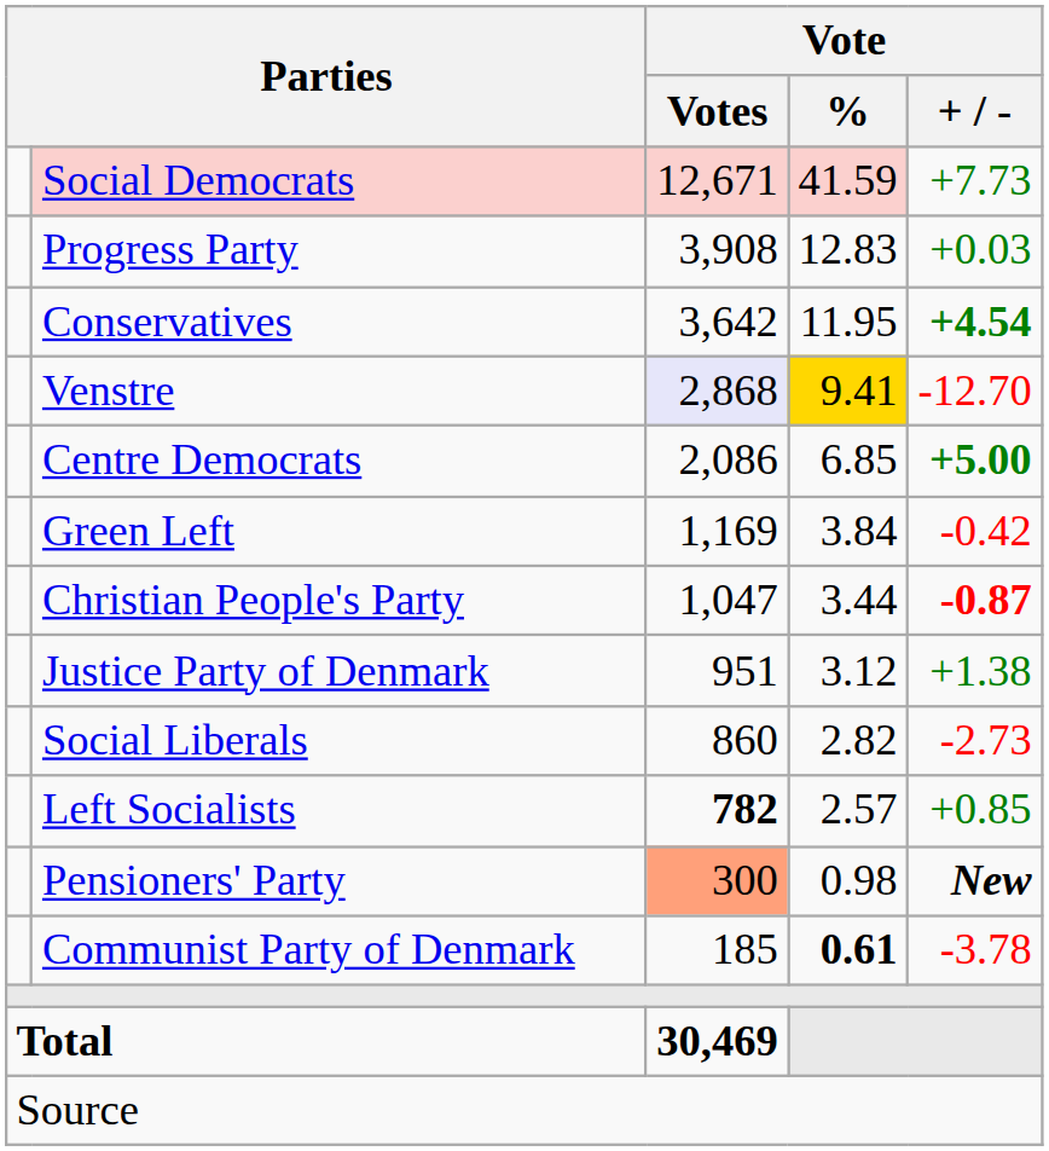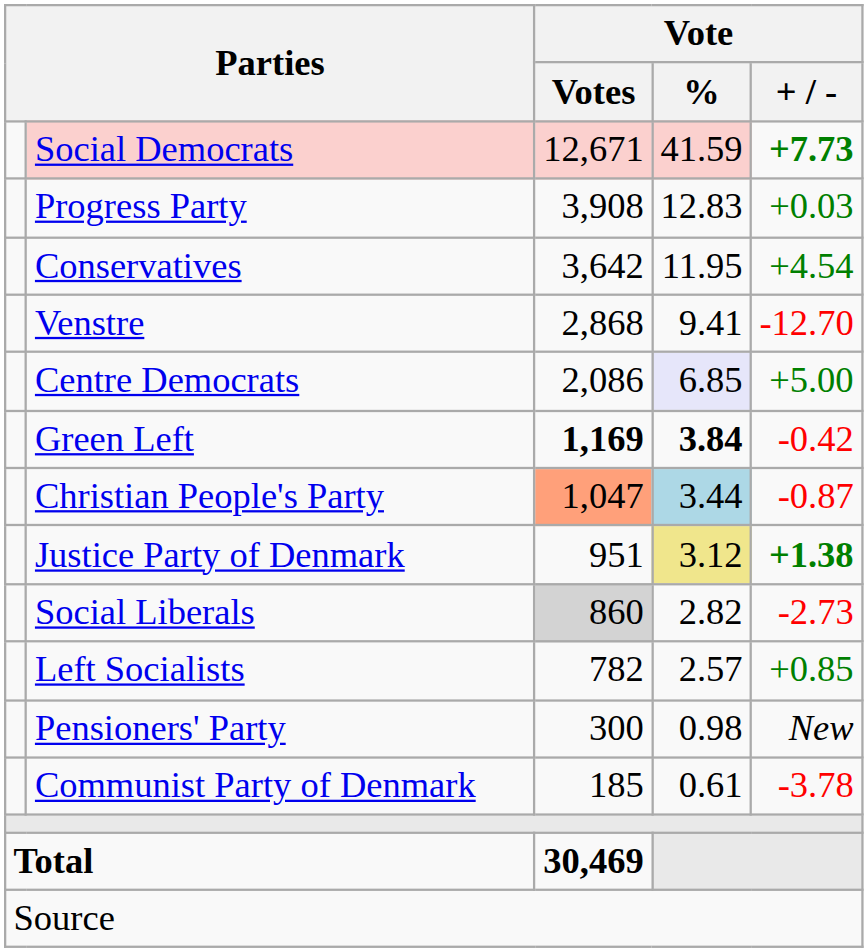 <table class="wikitable" style="text-align:right;">
 <tr>
 <th style="text-align:centre;" rowspan="2" colspan="2" width="225">Parties</th>
 <th colspan="3">Vote</th>
 </tr>
 <tr>
 <th width="15">Votes</th>
 <th width="15">%</th>
 <th width="15">+ / -</th>
 </tr>
 <tr>
 <td width="2" style="color:inherit;background:"></td>
 <td bgcolor=#fbd0ce  align="left"><a href='#'>Social Democrats</a></td>
 <td bgcolor=#fbd0ce>12,671</td>
 <td bgcolor=#fbd0ce>41.59</td>
-<td style=color:green;>+7.73</td>
+<td style=color:green;><strong>+7.73</strong></td>
 </tr>
 <tr>
 <td width="2" style="color:inherit;background:"></td>
 <td align="left"><a href='#'>Progress Party</a></td>
 <td>3,908</td>
 <td>12.83</td>
 <td style=color:green;>+0.03</td>
 </tr>
 <tr>
 <td width="2" style="color:inherit;background:"></td>
 <td align="left"><a href='#'>Conservatives</a></td>
 <td>3,642</td>
 <td>11.95</td>
-<td style=color:green;><strong>+4.54</strong></td>
+<td style=color:green;>+4.54</td>
 </tr>
 <tr>
 <td width="2" style="color:inherit;background:"></td>
 <td align="left"><a href='#'>Venstre</a></td>
-<td style="background: lavender;">2,868</td>
-<td style="background: gold;">9.41</td>
+<td>2,868</td>
+<td>9.41</td>
 <td style=color:red;>-12.70</td>
 </tr>
 <tr>
 <td width="2" style="color:inherit;background:"></td>
 <td align="left"><a href='#'>Centre Democrats</a></td>
 <td>2,086</td>
-<td>6.85</td>
-<td style=color:green;><strong>+5.00</strong></td>
+<td style="background: lavender;">6.85</td>
+<td style=color:green;>+5.00</td>
 </tr>
 <tr>
 <td width="2" style="color:inherit;background:"></td>
 <td align="left"><a href='#'>Green Left</a></td>
-<td>1,169</td>
-<td>3.84</td>
+<td><strong>1,169</strong></td>
+<td><strong>3.84</strong></td>
 <td style=color:red;>-0.42</td>
 </tr>
 <tr>
 <td width="2" style="color:inherit;background:"></td>
 <td align="left"><a href='#'>Christian People's Party</a></td>
-<td>1,047</td>
-<td>3.44</td>
-<td style=color:red;><strong>-0.87</strong></td>
+<td style="background: lightsalmon;">1,047</td>
+<td style="background: lightblue;">3.44</td>
+<td style=color:red;>-0.87</td>
 </tr>
 <tr>
 <td width="2" style="color:inherit;background:"></td>
 <td align="left"><a href='#'>Justice Party of Denmark</a></td>
 <td>951</td>
-<td>3.12</td>
-<td style=color:green;>+1.38</td>
+<td style="background: khaki;">3.12</td>
+<td style=color:green;><strong>+1.38</strong></td>
 </tr>
 <tr>
 <td width="2" style="color:inherit;background:"></td>
 <td align="left"><a href='#'>Social Liberals</a></td>
-<td>860</td>
+<td style="background: lightgrey;">860</td>
 <td>2.82</td>
 <td style=color:red;>-2.73</td>
 </tr>
 <tr>
 <td width="2" style="color:inherit;background:"></td>
 <td align="left"><a href='#'>Left Socialists</a></td>
-<td><strong>782</strong></td>
+<td>782</td>
 <td>2.57</td>
 <td style=color:green;>+0.85</td>
 </tr>
 <tr>
 <td width="2" style="color:inherit;background:"></td>
 <td align="left"><a href='#'>Pensioners' Party</a></td>
-<td style="background: lightsalmon;">300</td>
+<td>300</td>
 <td>0.98</td>
-<td><strong><em>New</em></strong></td>
+<td><em>New</em></td>
 </tr>
 <tr>
 <td width="2" style="color:inherit;background:"></td>
 <td align="left"><a href='#'>Communist Party of Denmark</a></td>
 <td>185</td>
-<td><strong>0.61</strong></td>
+<td>0.61</td>
 <td style=color:red;>-3.78</td>
 </tr>
 <tr>
 <td colspan="7" bgcolor="#E9E9E9"></td>
 </tr>
 <tr>
 <td align="left" colspan="2"><strong>Total</strong></td>
 <td><strong>30,469</strong></td>
 <td bgcolor="#E9E9E9" colspan="2"></td>
 </tr>
 <tr>
 <td align="left" colspan="6">Source</td>
 </tr>
 </table>
